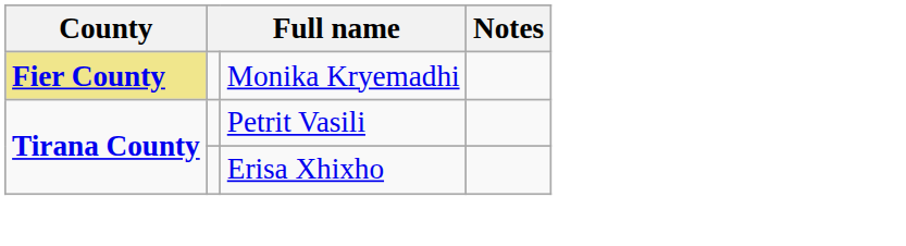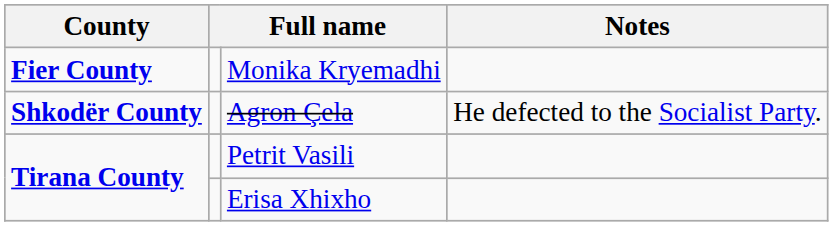 <table class="wikitable">
 <tr>
 <th>County</th>
 <th colspan="2">Full name</th>
 <th>Notes</th>
 </tr>
 <tr>
-<td style="background: khaki;"><strong><a href='#'>Fier County</a></strong></td>
+<td><strong><a href='#'>Fier County</a></strong></td>
 <td></td>
 <td><a href='#'>Monika Kryemadhi</a></td>
 <td></td>
+</tr>
+<tr>
+<td><strong><a href='#'>Shkodër County</a></strong></td>
+<td></td>
+<td><s><a href='#'>Agron Çela</a></s></td>
+<td>He defected to the <a href='#'>Socialist Party</a>.</td>
 </tr>
 <tr>
 <td rowspan="2"><strong><a href='#'>Tirana County</a></strong></td>
 <td></td>
 <td><a href='#'>Petrit Vasili</a></td>
 <td></td>
 </tr>
 <tr>
 <td></td>
 <td><a href='#'>Erisa Xhixho</a></td>
 <td></td>
 </tr>
 </table>
